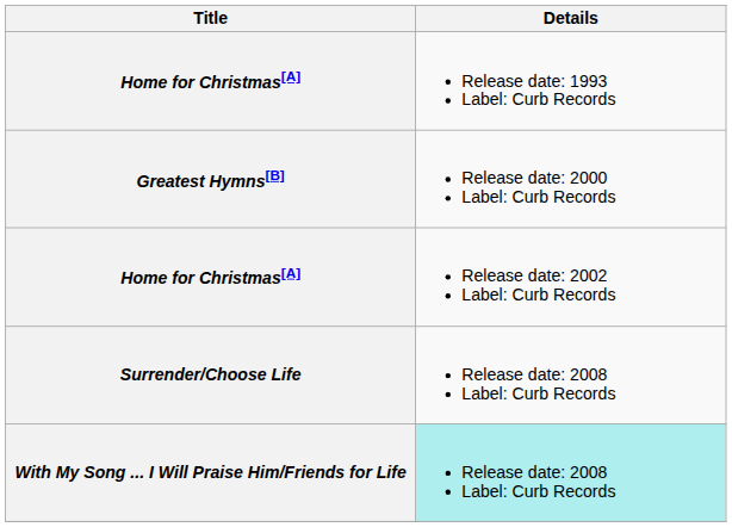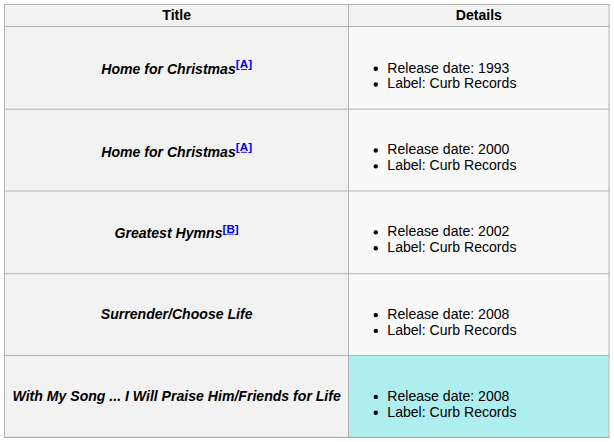 <table class="wikitable plainrowheaders">
 <tr>
 <th style="width:24em;">Title</th>
 <th style="width:18em;">Details</th>
 </tr>
 <tr>
 <th scope="row"><em>Home for Christmas</em><sup><span></span><a href='#'><strong>[A]</strong></a></sup></th>
 <td><br><ul><li>Release date: 1993</li><li>Label: Curb Records</li></ul></td>
 </tr>
 <tr>
-<th scope="row"><em>Greatest Hymns</em><sup><span></span><a href='#'><strong>[B]</strong></a></sup></th>
+<th scope="row"><em>Home for Christmas</em><sup><span></span><a href='#'><strong>[A]</strong></a></sup></th>
 <td><br><ul><li>Release date: 2000</li><li>Label: Curb Records</li></ul></td>
 </tr>
 <tr>
-<th scope="row"><em>Home for Christmas</em><sup><span></span><a href='#'><strong>[A]</strong></a></sup></th>
+<th scope="row"><em>Greatest Hymns</em><sup><span></span><a href='#'><strong>[B]</strong></a></sup></th>
 <td><br><ul><li>Release date: 2002</li><li>Label: Curb Records</li></ul></td>
 </tr>
 <tr>
 <th scope="row"><em>Surrender/Choose Life</em></th>
 <td><br><ul><li>Release date: 2008</li><li>Label: Curb Records</li></ul></td>
 </tr>
 <tr>
 <th scope="row"><em>With My Song ... I Will Praise Him/Friends for Life</em></th>
 <td style="background: paleturquoise;"><br><ul><li>Release date: 2008</li><li>Label: Curb Records</li></ul></td>
 </tr>
 <tr>
 </tr>
 </table>
